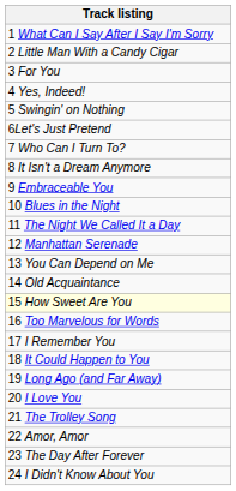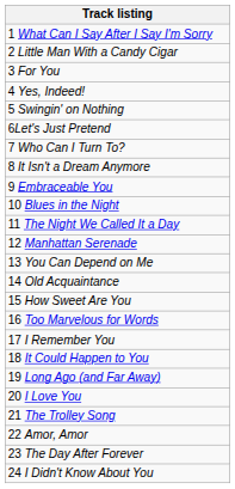 <table class="wikitable collapsible collapsed" style="width:300px;">
 <tr>
 <th>Track listing</th>
 </tr>
 <tr>
 <td>1 <em><a href='#'>What Can I Say After I Say I'm Sorry</a></em></td>
 </tr>
 <tr>
 <td>2 <em>Little Man With a Candy Cigar</em></td>
 </tr>
 <tr>
 <td>3 <em>For You</em></td>
 </tr>
 <tr>
 <td>4 <em>Yes, Indeed!</em></td>
 </tr>
 <tr>
 <td>5 <em>Swingin' on Nothing</em></td>
 </tr>
 <tr>
 <td>6<em>Let's Just Pretend</em></td>
 </tr>
 <tr>
 <td>7 <em>Who Can I Turn To?</em></td>
 </tr>
 <tr>
 <td>8 <em>It Isn't a Dream Anymore</em></td>
 </tr>
 <tr>
 <td>9 <em><a href='#'>Embraceable You</a></em></td>
 </tr>
 <tr>
 <td>10 <em><a href='#'>Blues in the Night</a></em></td>
 </tr>
 <tr>
 <td>11 <em><a href='#'>The Night We Called It a Day</a></em></td>
 </tr>
 <tr>
 <td>12 <em><a href='#'>Manhattan Serenade</a></em></td>
 </tr>
 <tr>
 <td>13 <em>You Can Depend on Me</em></td>
 </tr>
 <tr>
 <td>14 <em>Old Acquaintance</em></td>
 </tr>
 <tr>
-<td style="background: lightyellow;">15 <em>How Sweet Are You</em></td>
+<td>15 <em>How Sweet Are You</em></td>
 </tr>
 <tr>
 <td>16 <em><a href='#'>Too Marvelous for Words</a></em></td>
 </tr>
 <tr>
 <td>17 <em>I Remember You</em></td>
 </tr>
 <tr>
 <td>18 <em><a href='#'>It Could Happen to You</a></em></td>
 </tr>
 <tr>
 <td>19  <em><a href='#'>Long Ago (and Far Away)</a></em></td>
 </tr>
 <tr>
 <td>20 <em><a href='#'>I Love You</a></em></td>
 </tr>
 <tr>
 <td>21  <em><a href='#'>The Trolley Song</a></em></td>
 </tr>
 <tr>
 <td>22 <em>Amor, Amor</em></td>
 </tr>
 <tr>
 <td>23 <em>The Day After Forever</em></td>
 </tr>
 <tr>
 <td>24 <em>I Didn't Know About You</em></td>
 </tr>
 </table>
